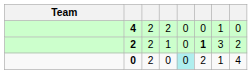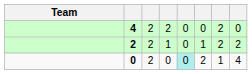 <table class="wikitable" style="text-align: center;">
 <tr>
 <th width=180>Team</th>
 <th width=20></th>
 <th width=20></th>
 <th width=20></th>
 <th width=20></th>
 <th width=20></th>
 <th width=20></th>
 <th width=20></th>
 </tr>
 <tr bgcolor=ccffcc>
 <td align=left></td>
 <td><strong>4</strong></td>
 <td>2</td>
 <td>2</td>
 <td>0</td>
 <td>0</td>
-<td>1</td>
+<td>2</td>
 <td>0</td>
 </tr>
 <tr bgcolor=ccffcc>
 <td align=left></td>
 <td><strong>2</strong></td>
 <td>2</td>
 <td>1</td>
 <td>0</td>
-<td><strong>1</strong></td>
-<td>3</td>
+<td>1</td>
+<td>2</td>
 <td>2</td>
 </tr>
 <tr>
 <td align=left></td>
 <td><strong>0</strong></td>
 <td>2</td>
 <td>0</td>
 <td style="background: paleturquoise;">0</td>
 <td>2</td>
 <td>1</td>
 <td>4</td>
 </tr>
 </table>
